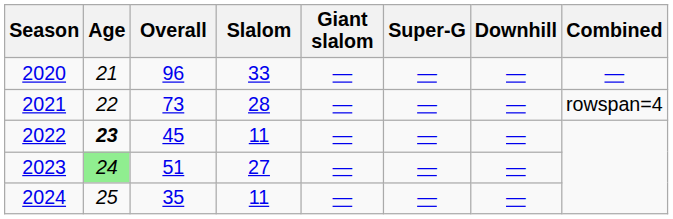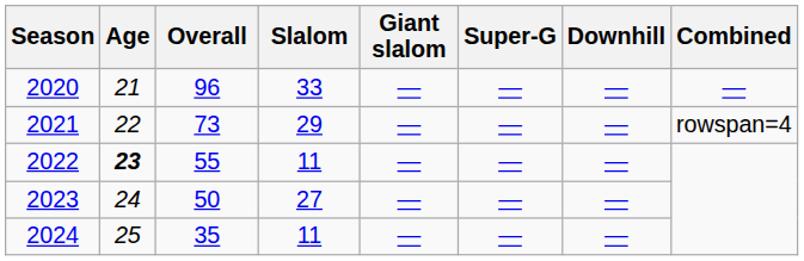 <table class=wikitable style="text-align:center">
 <tr>
 <th>Season</th>
 <th>Age</th>
 <th> Overall </th>
 <th> Slalom </th>
 <th>Giant<br> slalom </th>
 <th>Super-G</th>
 <th>Downhill</th>
 <th>Combined</th>
 </tr>
 <tr>
 <td><a href='#'>2020</a></td>
 <td><em>21</em></td>
 <td><a href='#'>96</a></td>
 <td><a href='#'>33</a></td>
 <td><a href='#'>—</a></td>
 <td><a href='#'>—</a></td>
 <td><a href='#'>—</a></td>
 <td><a href='#'>—</a></td>
 </tr>
 <tr>
 <td><a href='#'>2021</a></td>
 <td><em>22</em></td>
 <td><a href='#'>73</a></td>
-<td><a href='#'>28</a></td>
+<td><a href='#'>29</a></td>
 <td><a href='#'>—</a></td>
 <td><a href='#'>—</a></td>
 <td><a href='#'>—</a></td>
 <td>rowspan=4 </td>
 </tr>
 <tr>
 <td><a href='#'>2022</a></td>
 <td><strong><em>23</em></strong></td>
-<td><a href='#'>45</a></td>
+<td><a href='#'>55</a></td>
 <td><a href='#'>11</a></td>
 <td><a href='#'>—</a></td>
 <td><a href='#'>—</a></td>
 <td><a href='#'>—</a></td>
 </tr>
 <tr>
 <td><a href='#'>2023</a></td>
-<td style="background: lightgreen;"><em>24</em></td>
-<td><a href='#'>51</a></td>
+<td><em>24</em></td>
+<td><a href='#'>50</a></td>
 <td><a href='#'>27</a></td>
 <td><a href='#'>—</a></td>
 <td><a href='#'>—</a></td>
 <td><a href='#'>—</a></td>
 </tr>
 <tr>
 <td><a href='#'>2024</a></td>
 <td><em>25</em></td>
 <td><a href='#'>35</a></td>
 <td><a href='#'>11</a></td>
 <td><a href='#'>—</a></td>
 <td><a href='#'>—</a></td>
 <td><a href='#'>—</a></td>
 </tr>
 </table>
